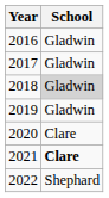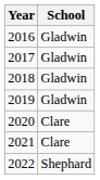 <table class="wikitable mw-collapsible mw-collapsed">
 <tr>
 <th>Year</th>
 <th>School</th>
 </tr>
 <tr>
 <td>2016</td>
 <td>Gladwin</td>
 </tr>
 <tr>
 <td>2017</td>
 <td>Gladwin</td>
 </tr>
 <tr>
 <td>2018</td>
-<td style="background: lightgrey;">Gladwin</td>
+<td>Gladwin</td>
 </tr>
 <tr>
 <td>2019</td>
 <td>Gladwin</td>
 </tr>
 <tr>
 <td>2020</td>
 <td>Clare</td>
 </tr>
 <tr>
 <td>2021</td>
-<td><strong>Clare</strong></td>
+<td>Clare</td>
 </tr>
 <tr>
 <td>2022</td>
 <td>Shephard</td>
 </tr>
 </table>
